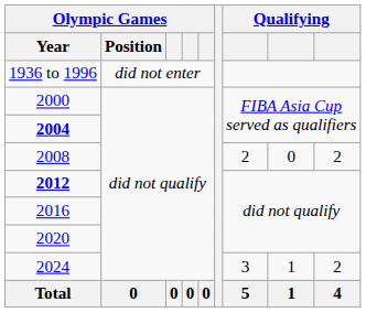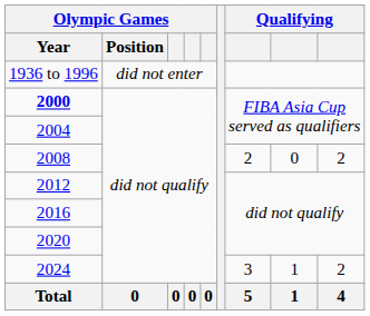 <table class="wikitable" style="text-align: center;font-size:90%;">
 <tr>
 <th colspan=5><a href='#'>Olympic Games</a></th>
 <th rowspan=11></th>
 <th colspan=3><a href='#'>Qualifying</a></th>
 </tr>
 <tr>
 <th>Year</th>
 <th>Position</th>
 <th></th>
 <th></th>
 <th></th>
 <th></th>
 <th></th>
 <th></th>
 </tr>
 <tr>
 <td><a href='#'>1936</a> to <a href='#'>1996</a></td>
 <td colspan=4><em>did not enter</em></td>
 <td colspan=3></td>
 </tr>
 <tr>
-<td> <a href='#'>2000</a></td>
+<td><strong> <a href='#'>2000</a></strong></td>
 <td colspan=4 rowspan=7><em>did not qualify</em></td>
 <td colspan=3 rowspan=2><em><a href='#'>FIBA Asia Cup</a><br>served as qualifiers</em></td>
 </tr>
 <tr>
-<td><strong> <a href='#'>2004</a></strong></td>
+<td> <a href='#'>2004</a></td>
 </tr>
 <tr>
 <td> <a href='#'>2008</a></td>
 <td>2</td>
 <td>0</td>
 <td>2</td>
 </tr>
 <tr>
-<td><strong> <a href='#'>2012</a></strong></td>
+<td> <a href='#'>2012</a></td>
 <td colspan=3 rowspan=3><em>did not qualify</em></td>
 </tr>
 <tr>
 <td> <a href='#'>2016</a></td>
 </tr>
 <tr>
 <td> <a href='#'>2020</a></td>
 </tr>
 <tr>
 <td> <a href='#'>2024</a></td>
 <td>3</td>
 <td>1</td>
 <td>2</td>
 </tr>
 <tr>
 <th>Total</th>
 <th>0</th>
 <th>0</th>
 <th>0</th>
 <th>0</th>
 <th>5</th>
 <th>1</th>
 <th>4</th>
 </tr>
 </table>
